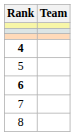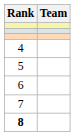 <table class="wikitable">
 <tr>
 <th>Rank</th>
 <th>Team</th>
 </tr>
 <tr bgcolor=#F7F6A8>
 <td align=center></td>
 <td></td>
 </tr>
 <tr bgcolor=#DCE5E5 *>
 <td align=center></td>
 <td></td>
 </tr>
 <tr bgcolor=#FFDAB9>
 <td align=center></td>
 <td></td>
 </tr>
 <tr style="background:#ffffff;">
-<td align=center><strong>4</strong></td>
+<td align=center>4</td>
 <td></td>
 </tr>
 <tr style="background:#ffffff;">
 <td align=center>5</td>
 <td></td>
 </tr>
 <tr style="background:#ffffff;">
-<td align=center><strong>6</strong></td>
+<td align=center>6</td>
 <td></td>
 </tr>
 <tr style="background:#ffffff;">
 <td align=center>7</td>
 <td></td>
 </tr>
 <tr style="background:#ffffff;">
-<td align=center>8</td>
+<td align=center><strong>8</strong></td>
 <td></td>
 </tr>
 </table>
